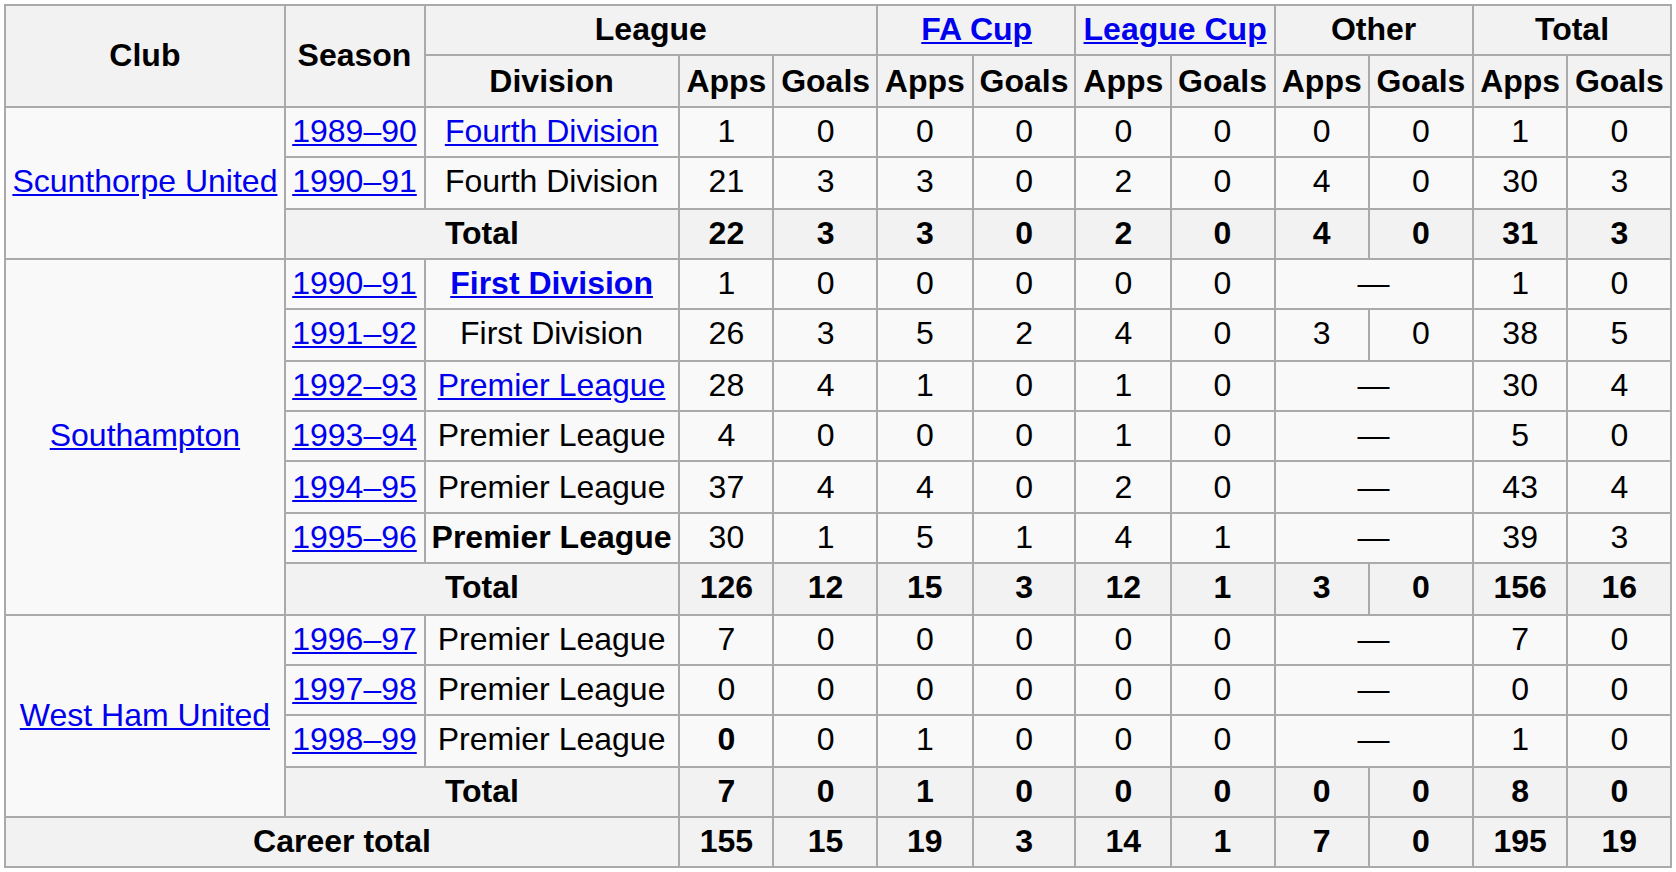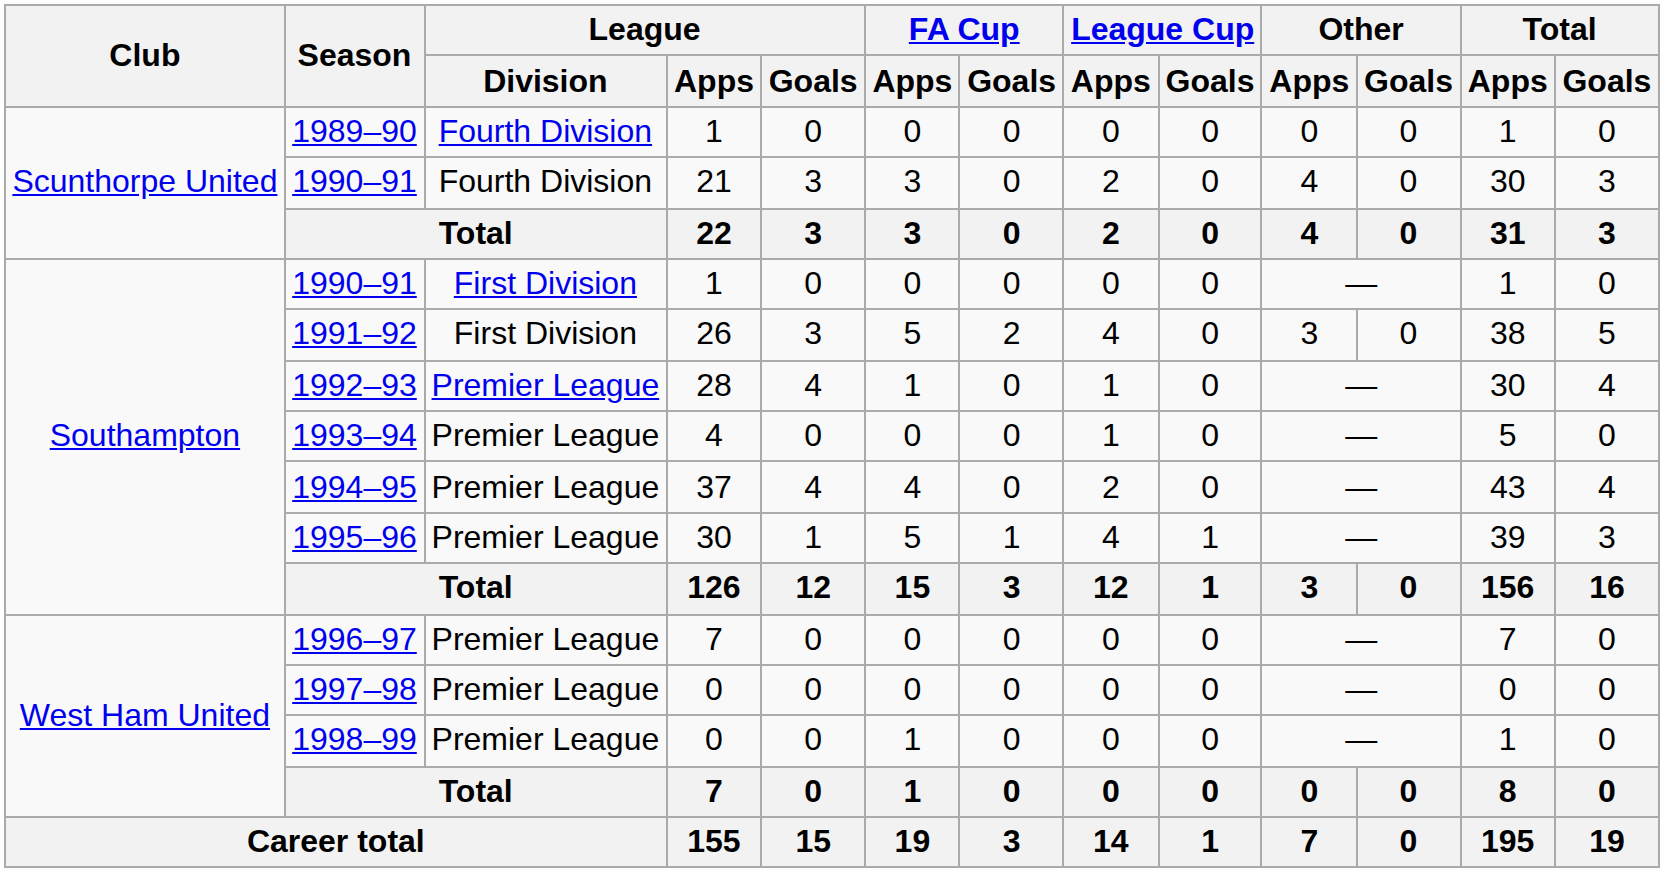 <table class=wikitable style=text-align:center>
 <tr>
 <th rowspan=2>Club</th>
 <th rowspan=2>Season</th>
 <th colspan=3>League</th>
 <th colspan=2><a href='#'>FA Cup</a></th>
 <th colspan=2><a href='#'>League Cup</a></th>
 <th colspan=2>Other</th>
 <th colspan=2>Total</th>
 </tr>
 <tr>
 <th>Division</th>
 <th>Apps</th>
 <th>Goals</th>
 <th>Apps</th>
 <th>Goals</th>
 <th>Apps</th>
 <th>Goals</th>
 <th>Apps</th>
 <th>Goals</th>
 <th>Apps</th>
 <th>Goals</th>
 </tr>
 <tr>
 <td rowspan=4><a href='#'>Scunthorpe United</a></td>
 </tr>
 <tr>
 <td><a href='#'>1989–90</a></td>
 <td><a href='#'>Fourth Division</a></td>
 <td>1</td>
 <td>0</td>
 <td>0</td>
 <td>0</td>
 <td>0</td>
 <td>0</td>
 <td>0</td>
 <td>0</td>
 <td>1</td>
 <td>0</td>
 </tr>
 <tr>
 <td><a href='#'>1990–91</a></td>
 <td>Fourth Division</td>
 <td>21</td>
 <td>3</td>
 <td>3</td>
 <td>0</td>
 <td>2</td>
 <td>0</td>
 <td>4</td>
 <td>0</td>
 <td>30</td>
 <td>3</td>
 </tr>
 <tr>
 <th colspan=2>Total</th>
 <th>22</th>
 <th>3</th>
 <th>3</th>
 <th>0</th>
 <th>2</th>
 <th>0</th>
 <th>4</th>
 <th>0</th>
 <th>31</th>
 <th>3</th>
 </tr>
 <tr>
 <td rowspan=8><a href='#'>Southampton</a></td>
 </tr>
 <tr>
 <td><a href='#'>1990–91</a></td>
-<td><strong><a href='#'>First Division</a></strong></td>
+<td><a href='#'>First Division</a></td>
 <td>1</td>
 <td>0</td>
 <td>0</td>
 <td>0</td>
 <td>0</td>
 <td>0</td>
 <td colspan=2>—</td>
 <td>1</td>
 <td>0</td>
 </tr>
 <tr>
 <td><a href='#'>1991–92</a></td>
 <td>First Division</td>
 <td>26</td>
 <td>3</td>
 <td>5</td>
 <td>2</td>
 <td>4</td>
 <td>0</td>
 <td>3</td>
 <td>0</td>
 <td>38</td>
 <td>5</td>
 </tr>
 <tr>
 <td><a href='#'>1992–93</a></td>
 <td><a href='#'>Premier League</a></td>
 <td>28</td>
 <td>4</td>
 <td>1</td>
 <td>0</td>
 <td>1</td>
 <td>0</td>
 <td colspan=2>—</td>
 <td>30</td>
 <td>4</td>
 </tr>
 <tr>
 <td><a href='#'>1993–94</a></td>
 <td>Premier League</td>
 <td>4</td>
 <td>0</td>
 <td>0</td>
 <td>0</td>
 <td>1</td>
 <td>0</td>
 <td colspan=2>—</td>
 <td>5</td>
 <td>0</td>
 </tr>
 <tr>
 <td><a href='#'>1994–95</a></td>
 <td>Premier League</td>
 <td>37</td>
 <td>4</td>
 <td>4</td>
 <td>0</td>
 <td>2</td>
 <td>0</td>
 <td colspan=2>—</td>
 <td>43</td>
 <td>4</td>
 </tr>
 <tr>
 <td><a href='#'>1995–96</a></td>
-<td><strong>Premier League</strong></td>
+<td>Premier League</td>
 <td>30</td>
 <td>1</td>
 <td>5</td>
 <td>1</td>
 <td>4</td>
 <td>1</td>
 <td colspan=2>—</td>
 <td>39</td>
 <td>3</td>
 </tr>
 <tr>
 <th colspan=2>Total</th>
 <th>126</th>
 <th>12</th>
 <th>15</th>
 <th>3</th>
 <th>12</th>
 <th>1</th>
 <th>3</th>
 <th>0</th>
 <th>156</th>
 <th>16</th>
 </tr>
 <tr>
 <td rowspan=5><a href='#'>West Ham United</a></td>
 </tr>
 <tr>
 <td><a href='#'>1996–97</a></td>
 <td>Premier League</td>
 <td>7</td>
 <td>0</td>
 <td>0</td>
 <td>0</td>
 <td>0</td>
 <td>0</td>
 <td colspan=2>—</td>
 <td>7</td>
 <td>0</td>
 </tr>
 <tr>
 <td><a href='#'>1997–98</a></td>
 <td>Premier League</td>
 <td>0</td>
 <td>0</td>
 <td>0</td>
 <td>0</td>
 <td>0</td>
 <td>0</td>
 <td colspan=2>—</td>
 <td>0</td>
 <td>0</td>
 </tr>
 <tr>
 <td><a href='#'>1998–99</a></td>
 <td>Premier League</td>
-<td><strong>0</strong></td>
+<td>0</td>
 <td>0</td>
 <td>1</td>
 <td>0</td>
 <td>0</td>
 <td>0</td>
 <td colspan=2>—</td>
 <td>1</td>
 <td>0</td>
 </tr>
 <tr>
 <th colspan=2>Total</th>
 <th>7</th>
 <th>0</th>
 <th>1</th>
 <th>0</th>
 <th>0</th>
 <th>0</th>
 <th>0</th>
 <th>0</th>
 <th>8</th>
 <th>0</th>
 </tr>
 <tr>
 <th colspan=3>Career total</th>
 <th>155</th>
 <th>15</th>
 <th>19</th>
 <th>3</th>
 <th>14</th>
 <th>1</th>
 <th>7</th>
 <th>0</th>
 <th>195</th>
 <th>19</th>
 </tr>
 </table>
